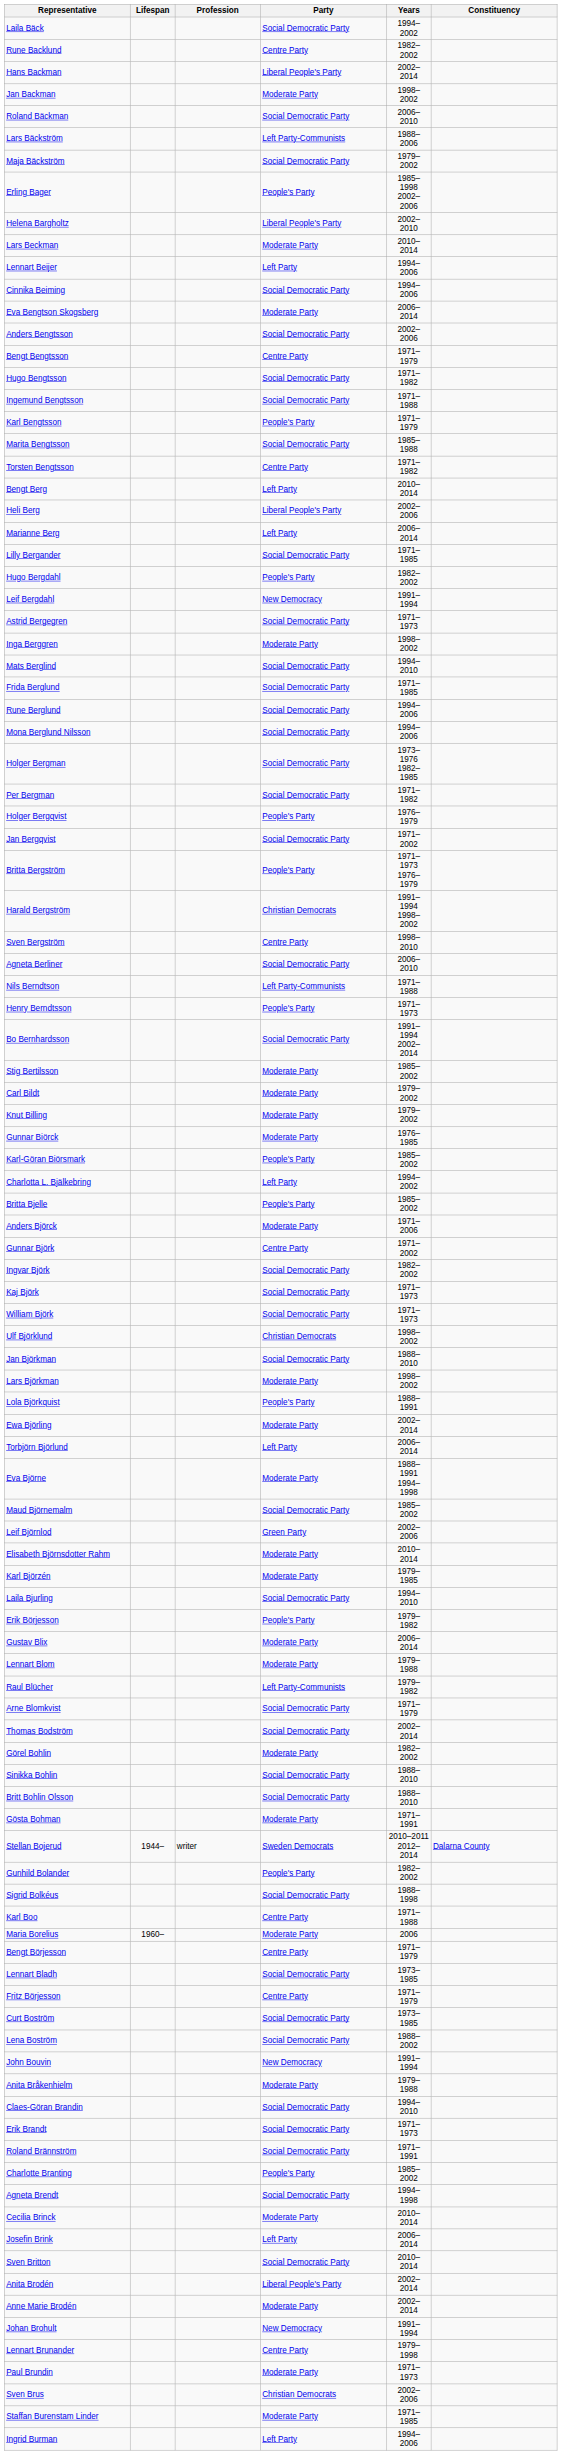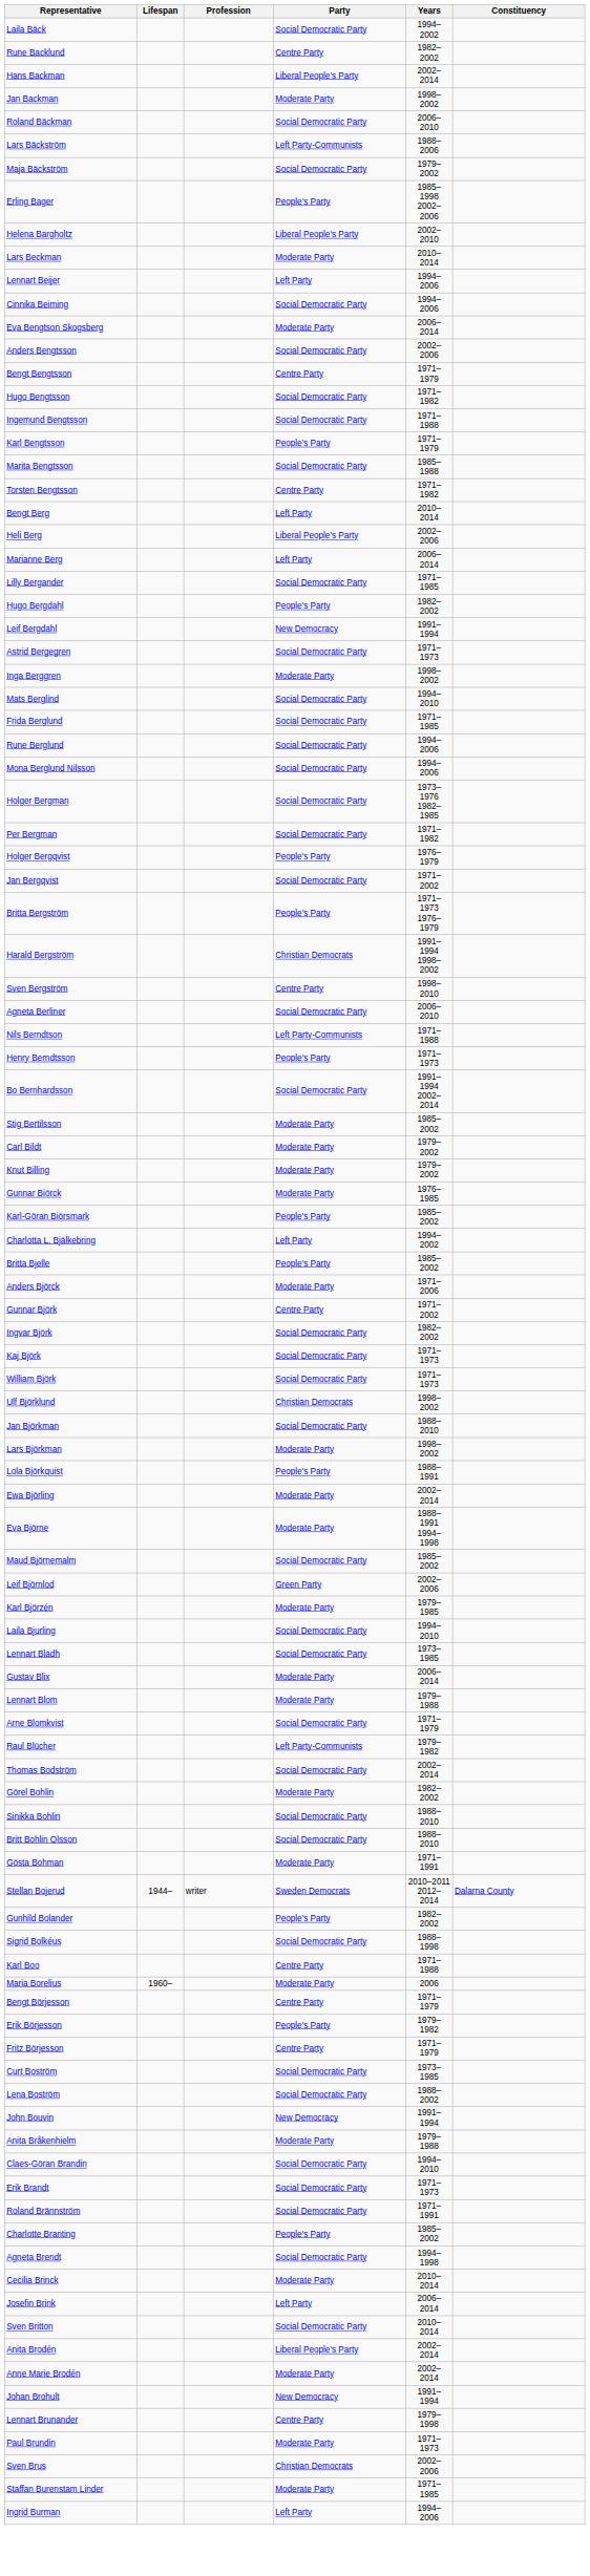 <table class="wikitable">
 <tr>
 <th style="width:15em">Representative</th>
 <th style="width:5em">Lifespan</th>
 <th style="width:10em">Profession</th>
 <th style="width:15em">Party</th>
 <th style="width:5em">Years</th>
 <th style="width:15em">Constituency</th>
 </tr>
 <tr>
 <td><a href='#'>Laila Bäck</a></td>
 <td align=center></td>
 <td></td>
 <td> <a href='#'>Social Democratic Party</a></td>
 <td align=center>1994–2002</td>
 <td></td>
 </tr>
 <tr>
 <td><a href='#'>Rune Backlund</a></td>
 <td align=center></td>
 <td></td>
 <td> <a href='#'>Centre Party</a></td>
 <td align=center>1982–2002</td>
 <td></td>
 </tr>
 <tr>
 <td><a href='#'>Hans Backman</a></td>
 <td align=center></td>
 <td></td>
 <td> <a href='#'>Liberal People's Party</a></td>
 <td align=center>2002–2014</td>
 <td></td>
 </tr>
 <tr>
 <td><a href='#'>Jan Backman</a></td>
 <td align=center></td>
 <td></td>
 <td> <a href='#'>Moderate Party</a></td>
 <td align=center>1998–2002</td>
 <td></td>
 </tr>
 <tr>
 <td><a href='#'>Roland Bäckman</a></td>
 <td align=center></td>
 <td></td>
 <td> <a href='#'>Social Democratic Party</a></td>
 <td align=center>2006–2010</td>
 <td></td>
 </tr>
 <tr>
 <td><a href='#'>Lars Bäckström</a></td>
 <td align=center></td>
 <td></td>
 <td> <a href='#'>Left Party-Communists</a></td>
 <td align=center>1988–2006</td>
 <td></td>
 </tr>
 <tr>
 <td><a href='#'>Maja Bäckström</a></td>
 <td align=center></td>
 <td></td>
 <td> <a href='#'>Social Democratic Party</a></td>
 <td align=center>1979–2002</td>
 <td></td>
 </tr>
 <tr>
 <td><a href='#'>Erling Bager</a></td>
 <td align=center></td>
 <td></td>
 <td> <a href='#'>People's Party</a></td>
 <td align=center>1985–1998<br>2002–2006</td>
 <td></td>
 </tr>
 <tr>
 <td><a href='#'>Helena Bargholtz</a></td>
 <td align=center></td>
 <td></td>
 <td> <a href='#'>Liberal People's Party</a></td>
 <td align=center>2002–2010</td>
 <td></td>
 </tr>
 <tr>
 <td><a href='#'>Lars Beckman</a></td>
 <td align=center></td>
 <td></td>
 <td> <a href='#'>Moderate Party</a></td>
 <td align=center>2010–2014</td>
 <td></td>
 </tr>
 <tr>
 <td><a href='#'>Lennart Beijer</a></td>
 <td align=center></td>
 <td></td>
 <td> <a href='#'>Left Party</a></td>
 <td align=center>1994–2006</td>
 <td></td>
 </tr>
 <tr>
 <td><a href='#'>Cinnika Beiming</a></td>
 <td align=center></td>
 <td></td>
 <td> <a href='#'>Social Democratic Party</a></td>
 <td align=center>1994–2006</td>
 <td></td>
 </tr>
 <tr>
 <td><a href='#'>Eva Bengtson Skogsberg</a></td>
 <td align=center></td>
 <td></td>
 <td> <a href='#'>Moderate Party</a></td>
 <td align=center>2006–2014</td>
 <td></td>
 </tr>
 <tr>
 <td><a href='#'>Anders Bengtsson</a></td>
 <td align=center></td>
 <td></td>
 <td> <a href='#'>Social Democratic Party</a></td>
 <td align=center>2002–2006</td>
 <td></td>
 </tr>
 <tr>
 <td><a href='#'>Bengt Bengtsson</a></td>
 <td align=center></td>
 <td></td>
 <td> <a href='#'>Centre Party</a></td>
 <td align=center>1971–1979</td>
 <td></td>
 </tr>
 <tr>
 <td><a href='#'>Hugo Bengtsson</a></td>
 <td align=center></td>
 <td></td>
 <td> <a href='#'>Social Democratic Party</a></td>
 <td align=center>1971–1982</td>
 <td></td>
 </tr>
 <tr>
 <td><a href='#'>Ingemund Bengtsson</a></td>
 <td align=center></td>
 <td></td>
 <td> <a href='#'>Social Democratic Party</a></td>
 <td align=center>1971–1988</td>
 <td></td>
 </tr>
 <tr>
 <td><a href='#'>Karl Bengtsson</a></td>
 <td align=center></td>
 <td></td>
 <td> <a href='#'>People's Party</a></td>
 <td align=center>1971–1979</td>
 <td></td>
 </tr>
 <tr>
 <td><a href='#'>Marita Bengtsson</a></td>
 <td align=center></td>
 <td></td>
 <td> <a href='#'>Social Democratic Party</a></td>
 <td align=center>1985–1988</td>
 <td></td>
 </tr>
 <tr>
 <td><a href='#'>Torsten Bengtsson</a></td>
 <td align=center></td>
 <td></td>
 <td> <a href='#'>Centre Party</a></td>
 <td align=center>1971–1982</td>
 <td></td>
 </tr>
 <tr>
 <td><a href='#'>Bengt Berg</a></td>
 <td align=center></td>
 <td></td>
 <td> <a href='#'>Left Party</a></td>
 <td align=center>2010–2014</td>
 <td></td>
 </tr>
 <tr>
 <td><a href='#'>Heli Berg</a></td>
 <td align=center></td>
 <td></td>
 <td> <a href='#'>Liberal People's Party</a></td>
 <td align=center>2002–2006</td>
 <td></td>
 </tr>
 <tr>
 <td><a href='#'>Marianne Berg</a></td>
 <td align=center></td>
 <td></td>
 <td> <a href='#'>Left Party</a></td>
 <td align=center>2006–2014</td>
 <td></td>
 </tr>
 <tr>
 <td><a href='#'>Lilly Bergander</a></td>
 <td align=center></td>
 <td></td>
 <td> <a href='#'>Social Democratic Party</a></td>
 <td align=center>1971–1985</td>
 <td></td>
 </tr>
 <tr>
 <td><a href='#'>Hugo Bergdahl</a></td>
 <td align=center></td>
 <td></td>
 <td> <a href='#'>People's Party</a></td>
 <td align=center>1982–2002</td>
 <td></td>
 </tr>
 <tr>
 <td><a href='#'>Leif Bergdahl</a></td>
 <td align=center></td>
 <td></td>
 <td> <a href='#'>New Democracy</a></td>
 <td align=center>1991–1994</td>
 <td></td>
 </tr>
 <tr>
 <td><a href='#'>Astrid Bergegren</a></td>
 <td align=center></td>
 <td></td>
 <td> <a href='#'>Social Democratic Party</a></td>
 <td align=center>1971–1973</td>
 <td></td>
 </tr>
 <tr>
 <td><a href='#'>Inga Berggren</a></td>
 <td align=center></td>
 <td></td>
 <td> <a href='#'>Moderate Party</a></td>
 <td align=center>1998–2002</td>
 <td></td>
 </tr>
 <tr>
 <td><a href='#'>Mats Berglind</a></td>
 <td align=center></td>
 <td></td>
 <td> <a href='#'>Social Democratic Party</a></td>
 <td align=center>1994–2010</td>
 <td></td>
 </tr>
 <tr>
 <td><a href='#'>Frida Berglund</a></td>
 <td align=center></td>
 <td></td>
 <td> <a href='#'>Social Democratic Party</a></td>
 <td align=center>1971–1985</td>
 <td></td>
 </tr>
 <tr>
 <td><a href='#'>Rune Berglund</a></td>
 <td align=center></td>
 <td></td>
 <td> <a href='#'>Social Democratic Party</a></td>
 <td align=center>1994–2006</td>
 <td></td>
 </tr>
 <tr>
 <td><a href='#'>Mona Berglund Nilsson</a></td>
 <td align=center></td>
 <td></td>
 <td> <a href='#'>Social Democratic Party</a></td>
 <td align=center>1994–2006</td>
 <td></td>
 </tr>
 <tr>
 <td><a href='#'>Holger Bergman</a></td>
 <td align=center></td>
 <td></td>
 <td> <a href='#'>Social Democratic Party</a></td>
 <td align=center>1973–1976<br>1982–1985</td>
 <td></td>
 </tr>
 <tr>
 <td><a href='#'>Per Bergman</a></td>
 <td align=center></td>
 <td></td>
 <td> <a href='#'>Social Democratic Party</a></td>
 <td align=center>1971–1982</td>
 <td></td>
 </tr>
 <tr>
 <td><a href='#'>Holger Bergqvist</a></td>
 <td align=center></td>
 <td></td>
 <td> <a href='#'>People's Party</a></td>
 <td align=center>1976–1979</td>
 <td></td>
 </tr>
 <tr>
 <td><a href='#'>Jan Bergqvist</a></td>
 <td align=center></td>
 <td></td>
 <td> <a href='#'>Social Democratic Party</a></td>
 <td align=center>1971–2002</td>
 <td></td>
 </tr>
 <tr>
 <td><a href='#'>Britta Bergström</a></td>
 <td align=center></td>
 <td></td>
 <td> <a href='#'>People's Party</a></td>
 <td align=center>1971–1973<br>1976–1979</td>
 <td></td>
 </tr>
 <tr>
 <td><a href='#'>Harald Bergström</a></td>
 <td align=center></td>
 <td></td>
 <td> <a href='#'>Christian Democrats</a></td>
 <td align=center>1991–1994<br>1998–2002</td>
 <td></td>
 </tr>
 <tr>
 <td><a href='#'>Sven Bergström</a></td>
 <td align=center></td>
 <td></td>
 <td> <a href='#'>Centre Party</a></td>
 <td align=center>1998–2010</td>
 <td></td>
 </tr>
 <tr>
 <td><a href='#'>Agneta Berliner</a></td>
 <td align=center></td>
 <td></td>
 <td> <a href='#'>Social Democratic Party</a></td>
 <td align=center>2006–2010</td>
 <td></td>
 </tr>
 <tr>
 <td><a href='#'>Nils Berndtson</a></td>
 <td align=center></td>
 <td></td>
 <td> <a href='#'>Left Party-Communists</a></td>
 <td align=center>1971–1988</td>
 <td></td>
 </tr>
 <tr>
 <td><a href='#'>Henry Berndtsson</a></td>
 <td align=center></td>
 <td></td>
 <td> <a href='#'>People's Party</a></td>
 <td align=center>1971–1973</td>
 <td></td>
 </tr>
 <tr>
 <td><a href='#'>Bo Bernhardsson</a></td>
 <td align=center></td>
 <td></td>
 <td> <a href='#'>Social Democratic Party</a></td>
 <td align=center>1991–1994<br>2002–2014</td>
 <td></td>
 </tr>
 <tr>
 <td><a href='#'>Stig Bertilsson</a></td>
 <td align=center></td>
 <td></td>
 <td> <a href='#'>Moderate Party</a></td>
 <td align=center>1985–2002</td>
 <td></td>
 </tr>
 <tr>
 <td><a href='#'>Carl Bildt</a></td>
 <td align=center></td>
 <td></td>
 <td> <a href='#'>Moderate Party</a></td>
 <td align=center>1979–2002</td>
 <td></td>
 </tr>
 <tr>
 <td><a href='#'>Knut Billing</a></td>
 <td align=center></td>
 <td></td>
 <td> <a href='#'>Moderate Party</a></td>
 <td align=center>1979–2002</td>
 <td></td>
 </tr>
 <tr>
 <td><a href='#'>Gunnar Biörck</a></td>
 <td align=center></td>
 <td></td>
 <td> <a href='#'>Moderate Party</a></td>
 <td align=center>1976–1985</td>
 <td></td>
 </tr>
 <tr>
 <td><a href='#'>Karl-Göran Biörsmark</a></td>
 <td align=center></td>
 <td></td>
 <td> <a href='#'>People's Party</a></td>
 <td align=center>1985–2002</td>
 <td></td>
 </tr>
 <tr>
 <td><a href='#'>Charlotta L. Bjälkebring</a></td>
 <td align=center></td>
 <td></td>
 <td> <a href='#'>Left Party</a></td>
 <td align=center>1994–2002</td>
 <td></td>
 </tr>
 <tr>
 <td><a href='#'>Britta Bjelle</a></td>
 <td align=center></td>
 <td></td>
 <td> <a href='#'>People's Party</a></td>
 <td align=center>1985–2002</td>
 <td></td>
 </tr>
 <tr>
 <td><a href='#'>Anders Björck</a></td>
 <td align=center></td>
 <td></td>
 <td> <a href='#'>Moderate Party</a></td>
 <td align=center>1971–2006</td>
 <td></td>
 </tr>
 <tr>
 <td><a href='#'>Gunnar Björk</a></td>
 <td align=center></td>
 <td></td>
 <td> <a href='#'>Centre Party</a></td>
 <td align=center>1971–2002</td>
 <td></td>
 </tr>
 <tr>
 <td><a href='#'>Ingvar Björk</a></td>
 <td align=center></td>
 <td></td>
 <td> <a href='#'>Social Democratic Party</a></td>
 <td align=center>1982–2002</td>
 <td></td>
 </tr>
 <tr>
 <td><a href='#'>Kaj Björk</a></td>
 <td align=center></td>
 <td></td>
 <td> <a href='#'>Social Democratic Party</a></td>
 <td align=center>1971–1973</td>
 <td></td>
 </tr>
 <tr>
 <td><a href='#'>William Björk</a></td>
 <td align=center></td>
 <td></td>
 <td> <a href='#'>Social Democratic Party</a></td>
 <td align=center>1971–1973</td>
 <td></td>
 </tr>
 <tr>
 <td><a href='#'>Ulf Björklund</a></td>
 <td align=center></td>
 <td></td>
 <td> <a href='#'>Christian Democrats</a></td>
 <td align=center>1998–2002</td>
 <td></td>
 </tr>
 <tr>
 <td><a href='#'>Jan Björkman</a></td>
 <td align=center></td>
 <td></td>
 <td> <a href='#'>Social Democratic Party</a></td>
 <td align=center>1988–2010</td>
 <td></td>
 </tr>
 <tr>
 <td><a href='#'>Lars Björkman</a></td>
 <td align=center></td>
 <td></td>
 <td> <a href='#'>Moderate Party</a></td>
 <td align=center>1998–2002</td>
 <td></td>
 </tr>
 <tr>
 <td><a href='#'>Lola Björkquist</a></td>
 <td align=center></td>
 <td></td>
 <td> <a href='#'>People's Party</a></td>
 <td align=center>1988–1991</td>
 <td></td>
 </tr>
 <tr>
 <td><a href='#'>Ewa Björling</a></td>
 <td align=center></td>
 <td></td>
 <td> <a href='#'>Moderate Party</a></td>
 <td align=center>2002–2014</td>
 <td></td>
 </tr>
 <tr>
-<td><a href='#'>Torbjörn Björlund</a></td>
-<td align=center></td>
-<td></td>
-<td> <a href='#'>Left Party</a></td>
-<td align=center>2006–2014</td>
-<td></td>
-</tr>
-<tr>
 <td><a href='#'>Eva Björne</a></td>
 <td align=center></td>
 <td></td>
 <td> <a href='#'>Moderate Party</a></td>
 <td align=center>1988–1991<br>1994–1998</td>
 <td></td>
 </tr>
 <tr>
 <td><a href='#'>Maud Björnemalm</a></td>
 <td align=center></td>
 <td></td>
 <td> <a href='#'>Social Democratic Party</a></td>
 <td align=center>1985–2002</td>
 <td></td>
 </tr>
 <tr>
 <td><a href='#'>Leif Björnlod</a></td>
 <td align=center></td>
 <td></td>
 <td> <a href='#'>Green Party</a></td>
 <td align=center>2002–2006</td>
 <td></td>
 </tr>
 <tr>
-<td><a href='#'>Elisabeth Björnsdotter Rahm</a></td>
-<td align=center></td>
-<td></td>
-<td> <a href='#'>Moderate Party</a></td>
-<td align=center>2010–2014</td>
-<td></td>
-</tr>
-<tr>
 <td><a href='#'>Karl Björzén</a></td>
 <td align=center></td>
 <td></td>
 <td> <a href='#'>Moderate Party</a></td>
 <td align=center>1979–1985</td>
 <td></td>
 </tr>
 <tr>
 <td><a href='#'>Laila Bjurling</a></td>
 <td align=center></td>
 <td></td>
 <td> <a href='#'>Social Democratic Party</a></td>
 <td align=center>1994–2010</td>
 <td></td>
 </tr>
 <tr>
-<td><a href='#'>Erik Börjesson</a></td>
+<td><a href='#'>Lennart Bladh</a></td>
 <td align=center></td>
 <td></td>
-<td> <a href='#'>People's Party</a></td>
-<td align=center>1979–1982</td>
+<td> <a href='#'>Social Democratic Party</a></td>
+<td align=center>1973–1985</td>
 <td></td>
 </tr>
 <tr>
 <td><a href='#'>Gustav Blix</a></td>
 <td align=center></td>
 <td></td>
 <td> <a href='#'>Moderate Party</a></td>
 <td align=center>2006–2014</td>
 <td></td>
 </tr>
 <tr>
 <td><a href='#'>Lennart Blom</a></td>
 <td align=center></td>
 <td></td>
 <td> <a href='#'>Moderate Party</a></td>
 <td align=center>1979–1988</td>
 <td></td>
 </tr>
 <tr>
+<td><a href='#'>Arne Blomkvist</a></td>
+<td align=center></td>
+<td></td>
+<td> <a href='#'>Social Democratic Party</a></td>
+<td align=center>1971–1979</td>
+<td></td>
+</tr>
+<tr>
 <td><a href='#'>Raul Blücher</a></td>
 <td align=center></td>
 <td></td>
 <td> <a href='#'>Left Party-Communists</a></td>
 <td align=center>1979–1982</td>
-<td></td>
-</tr>
-<tr>
-<td><a href='#'>Arne Blomkvist</a></td>
-<td align=center></td>
-<td></td>
-<td> <a href='#'>Social Democratic Party</a></td>
-<td align=center>1971–1979</td>
 <td></td>
 </tr>
 <tr>
 <td><a href='#'>Thomas Bodström</a></td>
 <td align=center></td>
 <td></td>
 <td> <a href='#'>Social Democratic Party</a></td>
 <td align=center>2002–2014</td>
 <td></td>
 </tr>
 <tr>
 <td><a href='#'>Görel Bohlin</a></td>
 <td align=center></td>
 <td></td>
 <td> <a href='#'>Moderate Party</a></td>
 <td align=center>1982–2002</td>
 <td></td>
 </tr>
 <tr>
 <td><a href='#'>Sinikka Bohlin</a></td>
 <td align=center></td>
 <td></td>
 <td> <a href='#'>Social Democratic Party</a></td>
 <td align=center>1988–2010</td>
 <td></td>
 </tr>
 <tr>
 <td><a href='#'>Britt Bohlin Olsson</a></td>
 <td align=center></td>
 <td></td>
 <td> <a href='#'>Social Democratic Party</a></td>
 <td align=center>1988–2010</td>
 <td></td>
 </tr>
 <tr>
 <td><a href='#'>Gösta Bohman</a></td>
 <td align=center></td>
 <td></td>
 <td> <a href='#'>Moderate Party</a></td>
 <td align=center>1971–1991</td>
 <td></td>
 </tr>
 <tr>
 <td><a href='#'>Stellan Bojerud</a></td>
 <td align=center>1944–</td>
 <td>writer</td>
 <td> <a href='#'>Sweden Democrats</a></td>
 <td align=center>2010–2011<br>2012–2014</td>
 <td><a href='#'>Dalarna County</a></td>
 </tr>
 <tr>
 <td><a href='#'>Gunhild Bolander</a></td>
 <td align=center></td>
 <td></td>
 <td> <a href='#'>People's Party</a></td>
 <td align=center>1982–2002</td>
 <td></td>
 </tr>
 <tr>
 <td><a href='#'>Sigrid Bolkéus</a></td>
 <td align=center></td>
 <td></td>
 <td> <a href='#'>Social Democratic Party</a></td>
 <td align=center>1988–1998</td>
 <td></td>
 </tr>
 <tr>
 <td><a href='#'>Karl Boo</a></td>
 <td align=center></td>
 <td></td>
 <td> <a href='#'>Centre Party</a></td>
 <td align=center>1971–1988</td>
 <td></td>
 </tr>
 <tr>
 <td><a href='#'>Maria Borelius</a></td>
 <td align=center>1960–</td>
 <td></td>
 <td> <a href='#'>Moderate Party</a></td>
 <td align=center>2006</td>
 <td></td>
 </tr>
 <tr>
 <td><a href='#'>Bengt Börjesson</a></td>
 <td align=center></td>
 <td></td>
 <td> <a href='#'>Centre Party</a></td>
 <td align=center>1971–1979</td>
 <td></td>
 </tr>
 <tr>
-<td><a href='#'>Lennart Bladh</a></td>
+<td><a href='#'>Erik Börjesson</a></td>
 <td align=center></td>
 <td></td>
-<td> <a href='#'>Social Democratic Party</a></td>
-<td align=center>1973–1985</td>
+<td> <a href='#'>People's Party</a></td>
+<td align=center>1979–1982</td>
 <td></td>
 </tr>
 <tr>
 <td><a href='#'>Fritz Börjesson</a></td>
 <td align=center></td>
 <td></td>
 <td> <a href='#'>Centre Party</a></td>
 <td align=center>1971–1979</td>
 <td></td>
 </tr>
 <tr>
 <td><a href='#'>Curt Boström</a></td>
 <td align=center></td>
 <td></td>
 <td> <a href='#'>Social Democratic Party</a></td>
 <td align=center>1973–1985</td>
 <td></td>
 </tr>
 <tr>
 <td><a href='#'>Lena Boström</a></td>
 <td align=center></td>
 <td></td>
 <td> <a href='#'>Social Democratic Party</a></td>
 <td align=center>1988–2002</td>
 <td></td>
 </tr>
 <tr>
 <td><a href='#'>John Bouvin</a></td>
 <td align=center></td>
 <td></td>
 <td> <a href='#'>New Democracy</a></td>
 <td align=center>1991–1994</td>
 <td></td>
 </tr>
 <tr>
 <td><a href='#'>Anita Bråkenhielm</a></td>
 <td align=center></td>
 <td></td>
 <td> <a href='#'>Moderate Party</a></td>
 <td align=center>1979–1988</td>
 <td></td>
 </tr>
 <tr>
 <td><a href='#'>Claes-Göran Brandin</a></td>
 <td align=center></td>
 <td></td>
 <td> <a href='#'>Social Democratic Party</a></td>
 <td align=center>1994–2010</td>
 <td></td>
 </tr>
 <tr>
 <td><a href='#'>Erik Brandt</a></td>
 <td align=center></td>
 <td></td>
 <td> <a href='#'>Social Democratic Party</a></td>
 <td align=center>1971–1973</td>
 <td></td>
 </tr>
 <tr>
 <td><a href='#'>Roland Brännström</a></td>
 <td align=center></td>
 <td></td>
 <td> <a href='#'>Social Democratic Party</a></td>
 <td align=center>1971–1991</td>
 <td></td>
 </tr>
 <tr>
 <td><a href='#'>Charlotte Branting</a></td>
 <td align=center></td>
 <td></td>
 <td> <a href='#'>People's Party</a></td>
 <td align=center>1985–2002</td>
 <td></td>
 </tr>
 <tr>
 <td><a href='#'>Agneta Brendt</a></td>
 <td align=center></td>
 <td></td>
 <td> <a href='#'>Social Democratic Party</a></td>
 <td align=center>1994–1998</td>
 <td></td>
 </tr>
 <tr>
 <td><a href='#'>Cecilia Brinck</a></td>
 <td align=center></td>
 <td></td>
 <td> <a href='#'>Moderate Party</a></td>
 <td align=center>2010–2014</td>
 <td></td>
 </tr>
 <tr>
 <td><a href='#'>Josefin Brink</a></td>
 <td align=center></td>
 <td></td>
 <td> <a href='#'>Left Party</a></td>
 <td align=center>2006–2014</td>
 <td></td>
 </tr>
 <tr>
 <td><a href='#'>Sven Britton</a></td>
 <td align=center></td>
 <td></td>
 <td> <a href='#'>Social Democratic Party</a></td>
 <td align=center>2010–2014</td>
 <td></td>
 </tr>
 <tr>
 <td><a href='#'>Anita Brodén</a></td>
 <td align=center></td>
 <td></td>
 <td> <a href='#'>Liberal People's Party</a></td>
 <td align=center>2002–2014</td>
 <td></td>
 </tr>
 <tr>
 <td><a href='#'>Anne Marie Brodén</a></td>
 <td align=center></td>
 <td></td>
 <td> <a href='#'>Moderate Party</a></td>
 <td align=center>2002–2014</td>
 <td></td>
 </tr>
 <tr>
 <td><a href='#'>Johan Brohult</a></td>
 <td align=center></td>
 <td></td>
 <td> <a href='#'>New Democracy</a></td>
 <td align=center>1991–1994</td>
 <td></td>
 </tr>
 <tr>
 <td><a href='#'>Lennart Brunander</a></td>
 <td align=center></td>
 <td></td>
 <td> <a href='#'>Centre Party</a></td>
 <td align=center>1979–1998</td>
 <td></td>
 </tr>
 <tr>
 <td><a href='#'>Paul Brundin</a></td>
 <td align=center></td>
 <td></td>
 <td> <a href='#'>Moderate Party</a></td>
 <td align=center>1971–1973</td>
 <td></td>
 </tr>
 <tr>
 <td><a href='#'>Sven Brus</a></td>
 <td align=center></td>
 <td></td>
 <td> <a href='#'>Christian Democrats</a></td>
 <td align=center>2002–2006</td>
 <td></td>
 </tr>
 <tr>
 <td><a href='#'>Staffan Burenstam Linder</a></td>
 <td align=center></td>
 <td></td>
 <td> <a href='#'>Moderate Party</a></td>
 <td align=center>1971–1985</td>
 <td></td>
 </tr>
 <tr>
 <td><a href='#'>Ingrid Burman</a></td>
 <td align=center></td>
 <td></td>
 <td> <a href='#'>Left Party</a></td>
 <td align=center>1994–2006</td>
 <td></td>
 </tr>
 </table>
